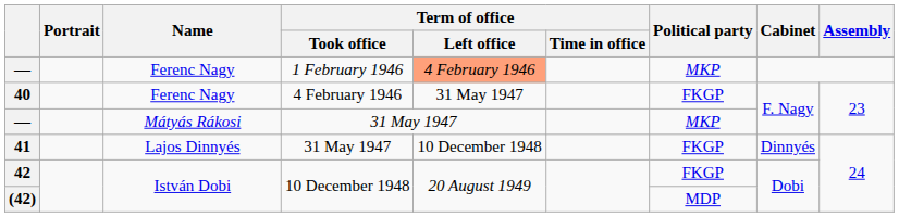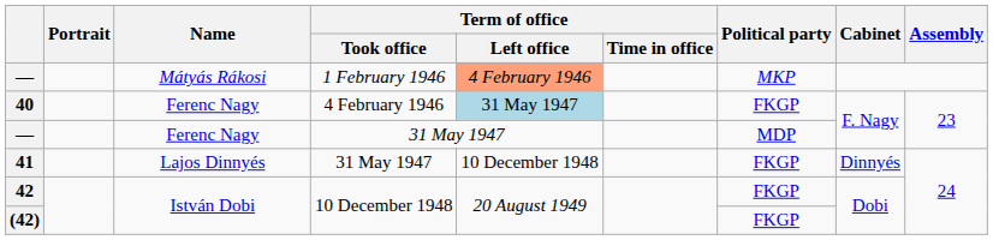 <table class="wikitable" style="text-align:center;">
 <tr>
 <th rowspan=2></th>
 <th rowspan=2>Portrait</th>
 <th width=20% rowspan=2>Name<br></th>
 <th colspan=3>Term of office</th>
 <th rowspan=2>Political party</th>
 <th rowspan=2>Cabinet</th>
 <th rowspan=2><a href='#'>Assembly</a><br></th>
 </tr>
 <tr>
 <th>Took office</th>
 <th>Left office</th>
 <th>Time in office</th>
 </tr>
 <tr>
 <th style="background:">—</th>
 <td></td>
-<td><a href='#'>Ferenc Nagy</a><br></td>
+<td><em><a href='#'>Mátyás Rákosi</a></em><br></td>
 <td><em>1 February 1946</em></td>
 <td style="background: lightsalmon;"><em>4 February 1946</em></td>
 <td><em></em></td>
 <td><em><a href='#'>MKP</a></em></td>
 </tr>
 <tr>
 <th style="background:">40</th>
 <td></td>
 <td><a href='#'>Ferenc Nagy</a><br></td>
 <td>4 February 1946</td>
-<td>31 May 1947</td>
+<td style="background: lightblue;">31 May 1947</td>
 <td></td>
 <td><a href='#'>FKGP</a></td>
 <td rowspan=2><a href='#'>F. Nagy</a><br></td>
 <td rowspan=3><a href='#'>23 </a></td>
 </tr>
 <tr>
 <th style="background:">—</th>
 <td></td>
-<td><em><a href='#'>Mátyás Rákosi</a></em><br></td>
+<td><a href='#'>Ferenc Nagy</a><br></td>
 <td colspan=2><em>31 May 1947</em></td>
 <td></td>
-<td><em><a href='#'>MKP</a></em></td>
+<td><a href='#'>MDP</a></td>
 </tr>
 <tr>
 <th rowspan=2 style="background:">41</th>
 <td rowspan=2></td>
 <td rowspan=2><a href='#'>Lajos Dinnyés</a><br></td>
 <td rowspan=2>31 May 1947</td>
 <td rowspan=2>10 December 1948</td>
 <td rowspan=2></td>
 <td rowspan=2><a href='#'>FKGP</a></td>
 <td rowspan=2><a href='#'>Dinnyés</a><br></td>
 </tr>
 <tr>
 <td rowspan=3><a href='#'>24 </a></td>
 </tr>
 <tr>
 <th style="background:">42</th>
 <td rowspan=2></td>
 <td rowspan=2><a href='#'>István Dobi</a><br></td>
 <td rowspan=2>10 December 1948</td>
 <td rowspan=2><em>20 August 1949</em></td>
 <td rowspan=2></td>
 <td><a href='#'>FKGP</a></td>
 <td rowspan=2><a href='#'>Dobi</a><br></td>
 </tr>
 <tr>
 <th style="background:">(42)</th>
-<td><a href='#'>MDP</a></td>
+<td><a href='#'>FKGP</a></td>
 </tr>
 </table>
